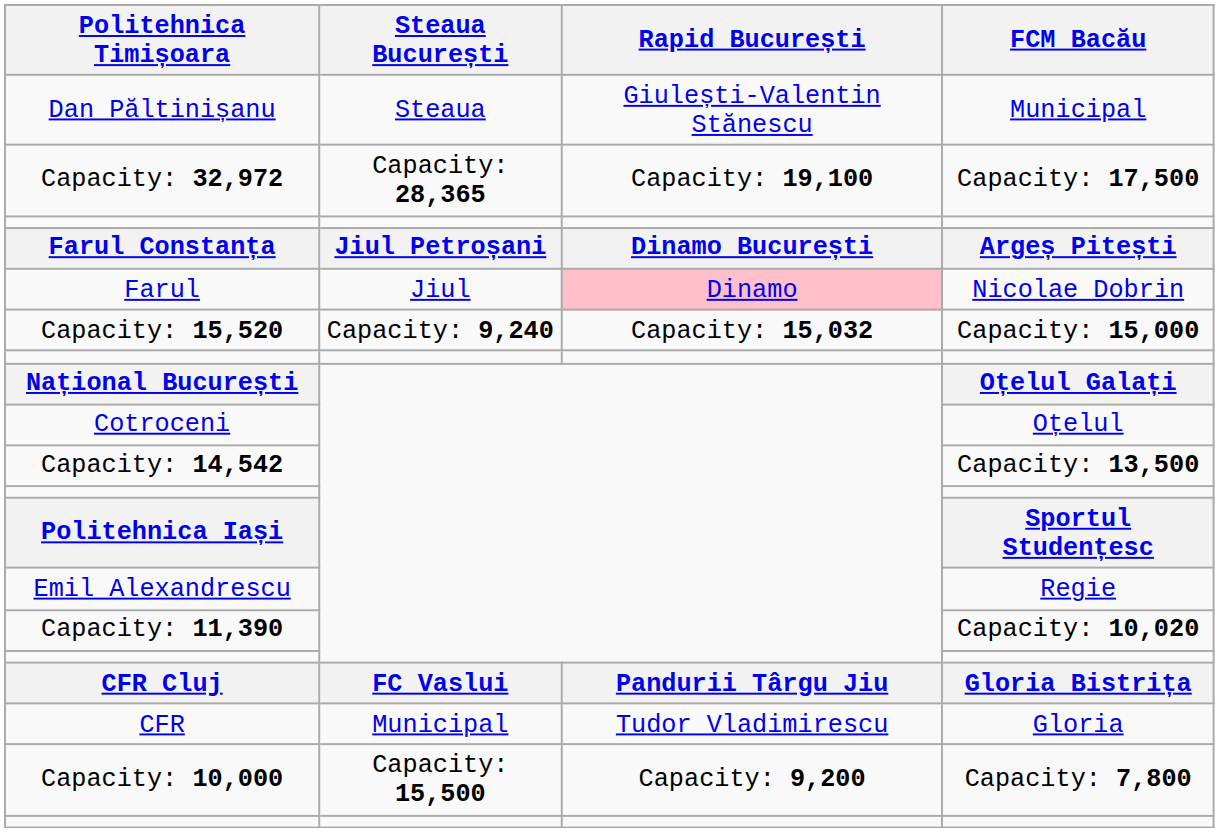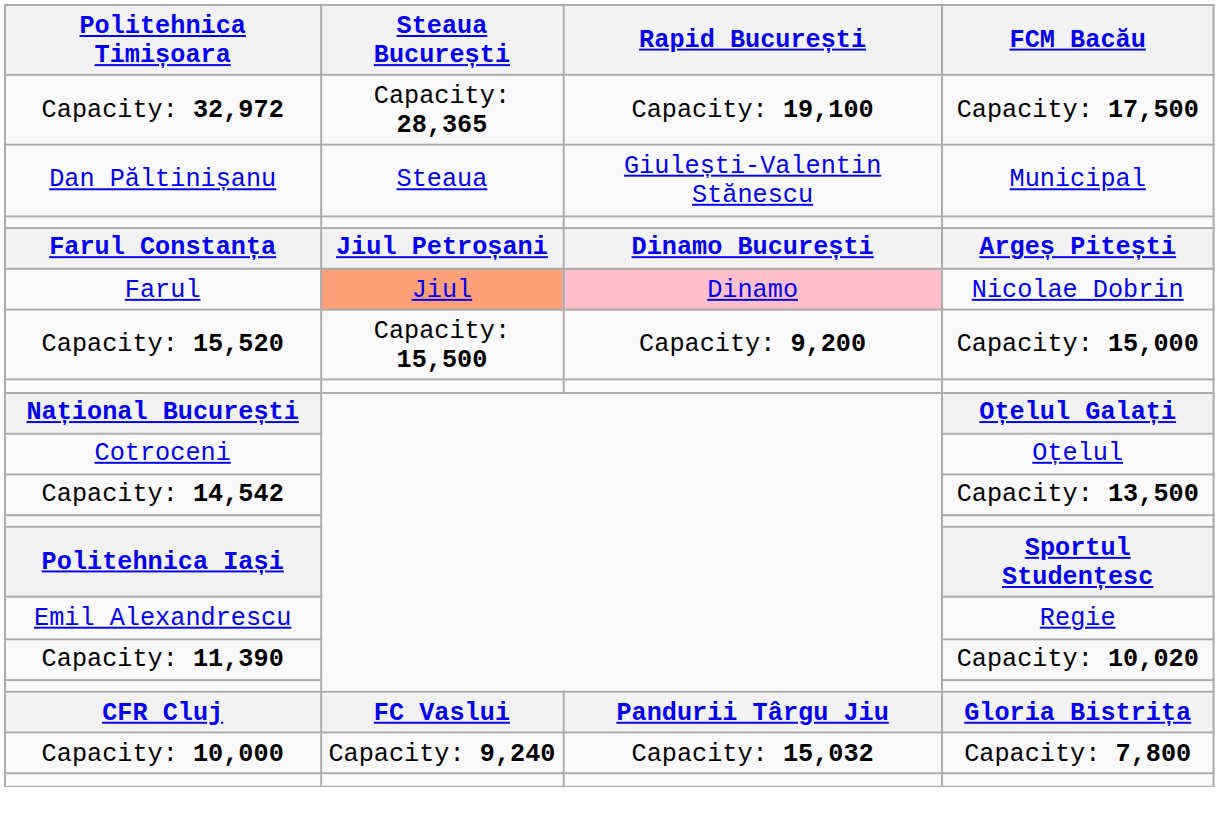 <table class="wikitable" style="text-align:center;margin:0.5em auto;">
 <tr>
 <th><a href='#'>Politehnica Timișoara</a></th>
 <th><a href='#'>Steaua București</a></th>
 <th><a href='#'>Rapid București</a></th>
 <th><a href='#'>FCM Bacău</a></th>
 </tr>
 <tr>
+<td>Capacity: <strong>32,972</strong></td>
+<td>Capacity: <strong>28,365</strong></td>
+<td>Capacity: <strong>19,100</strong></td>
+<td>Capacity: <strong>17,500</strong></td>
+</tr>
+<tr>
 <td><a href='#'>Dan Păltinișanu</a></td>
 <td><a href='#'>Steaua</a></td>
 <td><a href='#'>Giulești-Valentin Stănescu</a></td>
 <td><a href='#'>Municipal</a></td>
-</tr>
-<tr>
-<td>Capacity: <strong>32,972</strong></td>
-<td>Capacity: <strong>28,365</strong></td>
-<td>Capacity: <strong>19,100</strong></td>
-<td>Capacity: <strong>17,500</strong></td>
 </tr>
 <tr>
 <td></td>
 <td></td>
 <td></td>
 <td></td>
 </tr>
 <tr>
 <th><a href='#'>Farul Constanța</a></th>
 <th><a href='#'>Jiul Petroșani</a></th>
 <th><a href='#'>Dinamo București</a></th>
 <th><a href='#'>Argeș Pitești</a></th>
 </tr>
 <tr>
 <td><a href='#'>Farul</a></td>
-<td><a href='#'>Jiul</a></td>
+<td style="background: lightsalmon;"><a href='#'>Jiul</a></td>
 <td style="background: pink;"><a href='#'>Dinamo</a></td>
 <td><a href='#'>Nicolae Dobrin</a></td>
 </tr>
 <tr>
 <td>Capacity: <strong>15,520</strong></td>
-<td>Capacity: <strong>9,240</strong></td>
-<td>Capacity: <strong>15,032</strong></td>
+<td>Capacity: <strong>15,500</strong></td>
+<td>Capacity: <strong>9,200</strong></td>
 <td>Capacity: <strong>15,000</strong></td>
 </tr>
 <tr>
 <td></td>
 <td></td>
 <td></td>
 <td></td>
 </tr>
 <tr>
 <th><a href='#'>Național București</a></th>
 <td colspan="2" rowspan="8"><br> </td>
 <th><a href='#'>Oțelul Galați</a></th>
 </tr>
 <tr>
 <td><a href='#'>Cotroceni</a></td>
 <td><a href='#'>Oțelul</a></td>
 </tr>
 <tr>
 <td>Capacity: <strong>14,542</strong></td>
 <td>Capacity: <strong>13,500</strong></td>
 </tr>
 <tr>
 <td></td>
 <td></td>
 </tr>
 <tr>
 <th><a href='#'>Politehnica Iași</a></th>
 <th><a href='#'>Sportul Studențesc</a></th>
 </tr>
 <tr>
 <td><a href='#'>Emil Alexandrescu</a></td>
 <td><a href='#'>Regie</a></td>
 </tr>
 <tr>
 <td>Capacity: <strong>11,390</strong></td>
 <td>Capacity: <strong>10,020</strong></td>
 </tr>
 <tr>
 <td></td>
 <td></td>
 </tr>
 <tr>
 <th><a href='#'>CFR Cluj</a></th>
 <th><a href='#'>FC Vaslui</a></th>
 <th><a href='#'>Pandurii Târgu Jiu</a></th>
 <th><a href='#'>Gloria Bistrița</a></th>
 </tr>
 <tr>
-<td><a href='#'>CFR</a></td>
-<td><a href='#'>Municipal</a></td>
-<td><a href='#'>Tudor Vladimirescu</a></td>
-<td><a href='#'>Gloria</a></td>
-</tr>
-<tr>
 <td>Capacity: <strong>10,000</strong></td>
-<td>Capacity: <strong>15,500</strong></td>
-<td>Capacity: <strong>9,200</strong></td>
+<td>Capacity: <strong>9,240</strong></td>
+<td>Capacity: <strong>15,032</strong></td>
 <td>Capacity: <strong>7,800</strong></td>
 </tr>
 <tr>
 <td></td>
 <td></td>
 <td></td>
 <td></td>
 </tr>
 </table>
